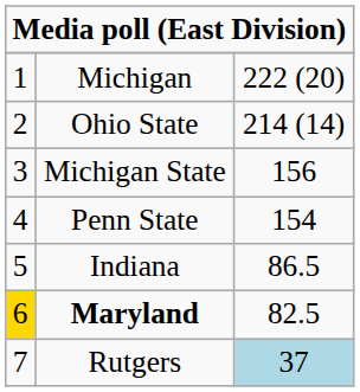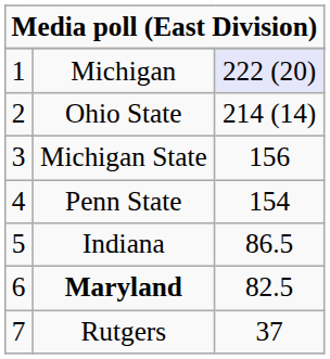 <table class="wikitable" style="display: inline-table;">
 <tr>
 <td align="center" Colspan="3"><strong>Media poll (East Division)</strong></td>
 </tr>
 <tr align="center">
 </tr>
 <tr align="center">
 <td>1</td>
 <td>Michigan</td>
-<td>222 (20)</td>
+<td style="background: lavender;">222 (20)</td>
 </tr>
 <tr align="center">
 <td>2</td>
 <td>Ohio State</td>
 <td>214 (14)</td>
 </tr>
 <tr align="center">
 <td>3</td>
 <td>Michigan State</td>
 <td>156</td>
 </tr>
 <tr align="center">
 <td>4</td>
 <td>Penn State</td>
 <td>154</td>
 </tr>
 <tr align="center">
 <td>5</td>
 <td>Indiana</td>
 <td>86.5</td>
 </tr>
 <tr align="center">
-<td style="background: gold;">6</td>
+<td>6</td>
 <td><strong>Maryland</strong></td>
 <td>82.5</td>
 </tr>
 <tr align="center">
 <td>7</td>
 <td>Rutgers</td>
-<td style="background: lightblue;">37</td>
+<td>37</td>
 </tr>
 </table>
